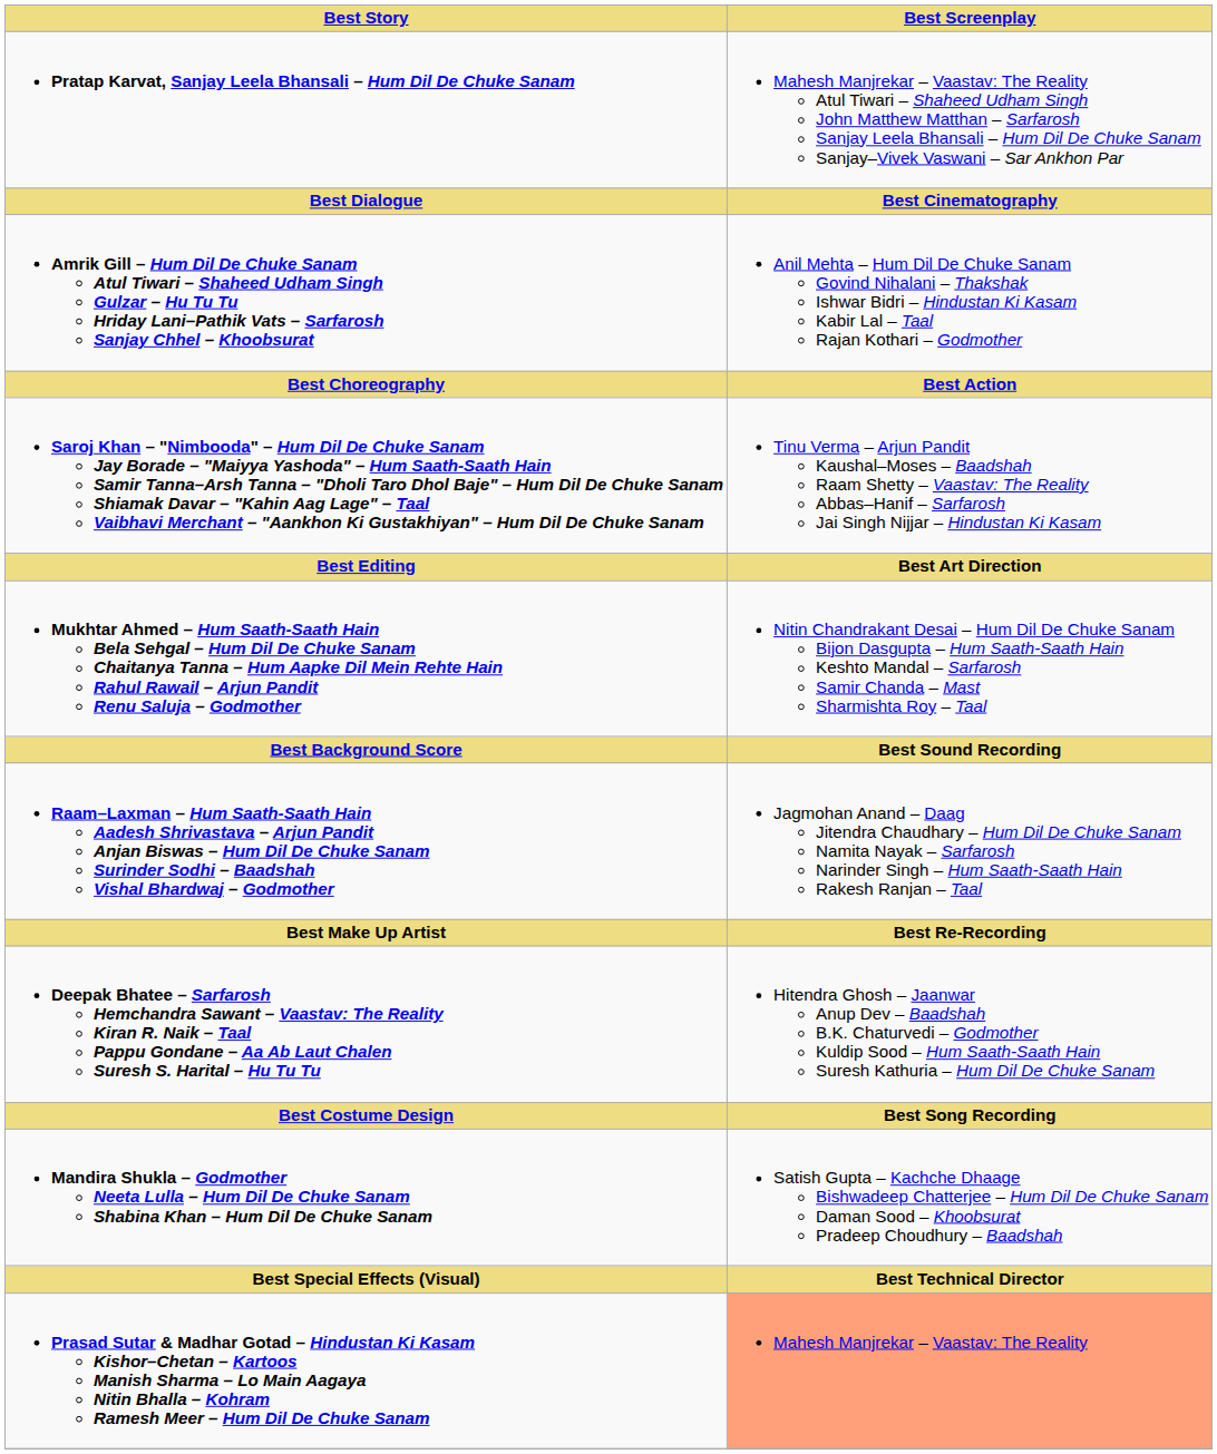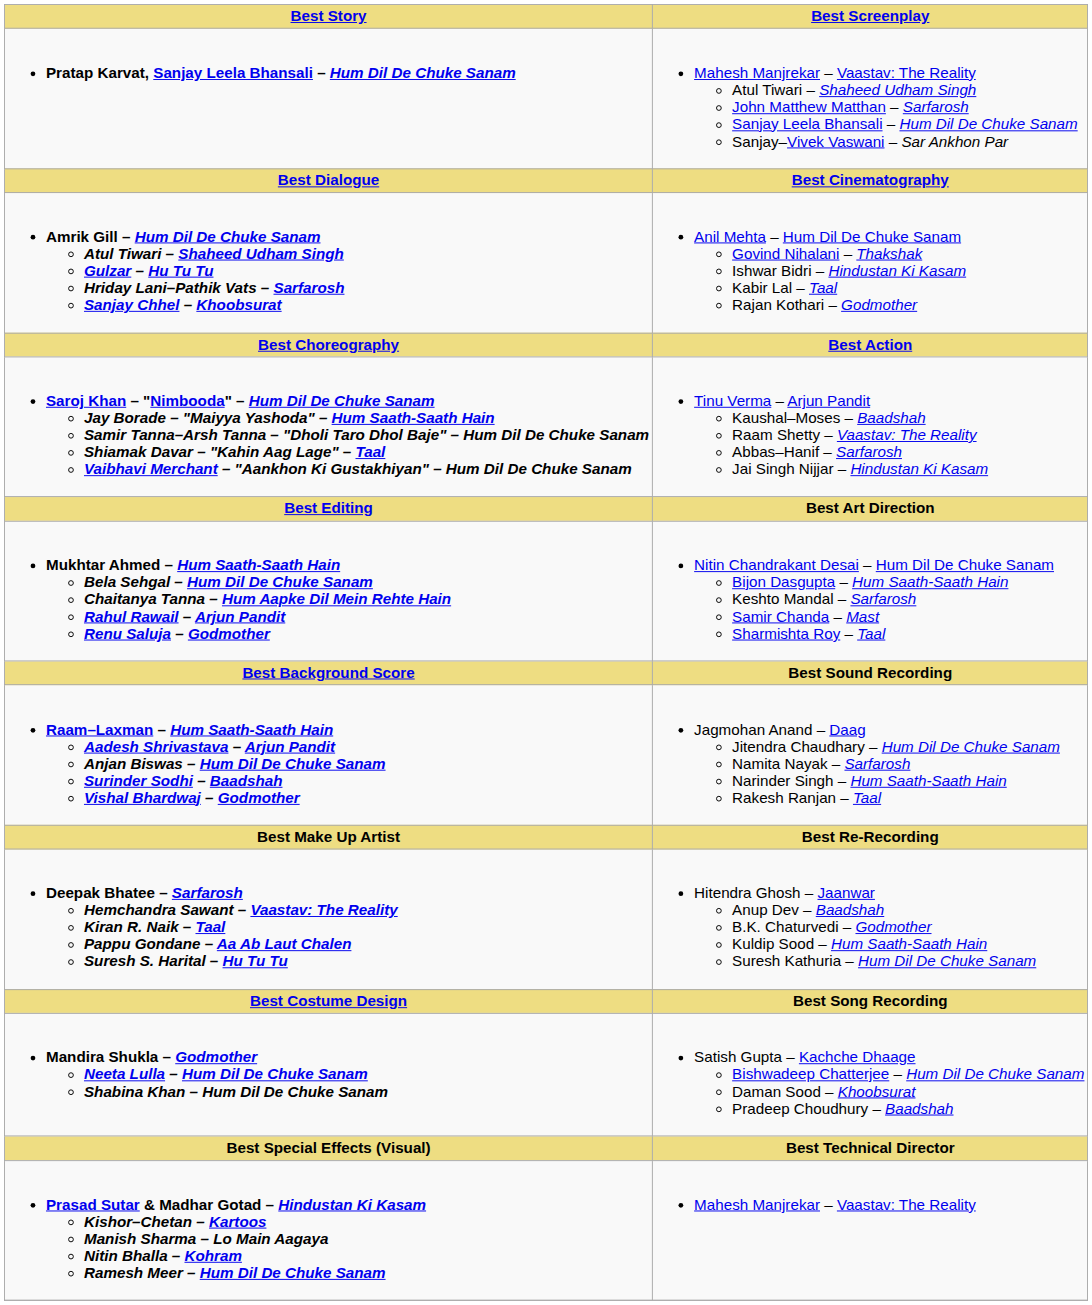 <table class="wikitable">
 <tr>
 <th ! style="background:#eedd82; text-align:center;"><a href='#'>Best Story</a></th>
 <th ! style="background:#eedd82; text-align:center;"><a href='#'>Best Screenplay</a></th>
 </tr>
 <tr>
 <td valign="top"><br><ul><li><strong>Pratap Karvat, <a href='#'>Sanjay Leela Bhansali</a> – <em><a href='#'>Hum Dil De Chuke Sanam</a><strong><em></li></ul></td>
 <td valign="top"><br><ul><li></strong><a href='#'>Mahesh Manjrekar</a> – </em><a href='#'>Vaastav: The Reality</a></em></strong><ul><li>Atul Tiwari – <em><a href='#'>Shaheed Udham Singh</a></em></li><li><a href='#'>John Matthew Matthan</a> – <em><a href='#'>Sarfarosh</a></em></li><li><a href='#'>Sanjay Leela Bhansali</a> – <em><a href='#'>Hum Dil De Chuke Sanam</a></em></li><li>Sanjay–<a href='#'>Vivek Vaswani</a> – <em>Sar Ankhon Par</em></li></ul></li></ul></td>
 </tr>
 <tr>
 <th ! style="background:#eedd82; text-align:center;"><a href='#'>Best Dialogue</a></th>
 <th ! style="background:#eedd82; text-align:center;"><a href='#'>Best Cinematography</a></th>
 </tr>
 <tr>
 <td valign="top"><br><ul><li><strong>Amrik Gill – <em><a href='#'>Hum Dil De Chuke Sanam</a><strong><em><ul><li>Atul Tiwari – </em><a href='#'>Shaheed Udham Singh</a><em></li><li><a href='#'>Gulzar</a> – </em><a href='#'>Hu Tu Tu</a><em></li><li>Hriday Lani–Pathik Vats – </em><a href='#'>Sarfarosh</a><em></li><li><a href='#'>Sanjay Chhel</a> – </em><a href='#'>Khoobsurat</a><em></li></ul></li></ul></td>
 <td valign="top"><br><ul><li></strong><a href='#'>Anil Mehta</a> – </em><a href='#'>Hum Dil De Chuke Sanam</a></em></strong><ul><li><a href='#'>Govind Nihalani</a> – <em><a href='#'>Thakshak</a></em></li><li>Ishwar Bidri – <em><a href='#'>Hindustan Ki Kasam</a></em></li><li>Kabir Lal – <em><a href='#'>Taal</a></em></li><li>Rajan Kothari – <em><a href='#'>Godmother</a></em></li></ul></li></ul></td>
 </tr>
 <tr>
 <th ! style="background:#eedd82; text-align:center;"><a href='#'>Best Choreography</a></th>
 <th ! style="background:#eedd82; text-align:center;"><a href='#'>Best Action</a></th>
 </tr>
 <tr>
 <td valign="top"><br><ul><li><strong><a href='#'>Saroj Khan</a> – "<a href='#'>Nimbooda</a>" – <em><a href='#'>Hum Dil De Chuke Sanam</a><strong><em><ul><li>Jay Borade – "Maiyya Yashoda" – </em><a href='#'>Hum Saath-Saath Hain</a><em></li><li>Samir Tanna–Arsh Tanna – "Dholi Taro Dhol Baje" – </em>Hum Dil De Chuke Sanam<em></li><li>Shiamak Davar – "Kahin Aag Lage" – </em><a href='#'>Taal</a><em></li><li><a href='#'>Vaibhavi Merchant</a> – "Aankhon Ki Gustakhiyan" – </em>Hum Dil De Chuke Sanam<em></li></ul></li></ul></td>
 <td valign="top"><br><ul><li></strong><a href='#'>Tinu Verma</a> – </em><a href='#'>Arjun Pandit</a></em></strong><ul><li>Kaushal–Moses – <em><a href='#'>Baadshah</a></em></li><li>Raam Shetty – <em><a href='#'>Vaastav: The Reality</a></em></li><li>Abbas–Hanif – <em><a href='#'>Sarfarosh</a></em></li><li>Jai Singh Nijjar – <em><a href='#'>Hindustan Ki Kasam</a></em></li></ul></li></ul></td>
 </tr>
 <tr>
 <th ! style="background:#eedd82; text-align:center;"><a href='#'>Best Editing</a></th>
 <th ! style="background:#eedd82; text-align:center;">Best Art Direction</th>
 </tr>
 <tr>
 <td valign="top"><br><ul><li><strong>Mukhtar Ahmed – <em><a href='#'>Hum Saath-Saath Hain</a><strong><em><ul><li>Bela Sehgal – </em><a href='#'>Hum Dil De Chuke Sanam</a><em></li><li>Chaitanya Tanna – </em><a href='#'>Hum Aapke Dil Mein Rehte Hain</a><em></li><li><a href='#'>Rahul Rawail</a> – </em><a href='#'>Arjun Pandit</a><em></li><li><a href='#'>Renu Saluja</a> – </em><a href='#'>Godmother</a><em></li></ul></li></ul></td>
 <td valign="top"><br><ul><li></strong><a href='#'>Nitin Chandrakant Desai</a> – </em><a href='#'>Hum Dil De Chuke Sanam</a></em></strong><ul><li><a href='#'>Bijon Dasgupta</a> – <em><a href='#'>Hum Saath-Saath Hain</a></em></li><li>Keshto Mandal – <em><a href='#'>Sarfarosh</a></em></li><li><a href='#'>Samir Chanda</a> – <em><a href='#'>Mast</a></em></li><li><a href='#'>Sharmishta Roy</a> – <em><a href='#'>Taal</a></em></li></ul></li></ul></td>
 </tr>
 <tr>
 <th ! style="background:#eedd82; text-align:center;"><a href='#'>Best Background Score</a></th>
 <th ! style="background:#eedd82; text-align:center;">Best Sound Recording</th>
 </tr>
 <tr>
 <td valign="top"><br><ul><li><strong><a href='#'>Raam–Laxman</a> – <em><a href='#'>Hum Saath-Saath Hain</a><strong><em><ul><li><a href='#'>Aadesh Shrivastava</a> – </em><a href='#'>Arjun Pandit</a><em></li><li>Anjan Biswas – </em><a href='#'>Hum Dil De Chuke Sanam</a><em></li><li><a href='#'>Surinder Sodhi</a> – </em><a href='#'>Baadshah</a><em></li><li><a href='#'>Vishal Bhardwaj</a> – </em><a href='#'>Godmother</a><em></li></ul></li></ul></td>
 <td valign="top"><br><ul><li></strong>Jagmohan Anand – </em><a href='#'>Daag</a></em></strong><ul><li>Jitendra Chaudhary – <em><a href='#'>Hum Dil De Chuke Sanam</a></em></li><li>Namita Nayak – <em><a href='#'>Sarfarosh</a></em></li><li>Narinder Singh – <em><a href='#'>Hum Saath-Saath Hain</a></em></li><li>Rakesh Ranjan – <em><a href='#'>Taal</a></em></li></ul></li></ul></td>
 </tr>
 <tr>
 <th ! style="background:#eedd82; text-align:center;">Best Make Up Artist</th>
 <th ! style="background:#eedd82; text-align:center;">Best Re-Recording</th>
 </tr>
 <tr>
 <td valign="top"><br><ul><li><strong>Deepak Bhatee – <em><a href='#'>Sarfarosh</a><strong><em><ul><li>Hemchandra Sawant – </em><a href='#'>Vaastav: The Reality</a><em></li><li>Kiran R. Naik – </em><a href='#'>Taal</a><em></li><li>Pappu Gondane – </em><a href='#'>Aa Ab Laut Chalen</a><em></li><li>Suresh S. Harital – </em><a href='#'>Hu Tu Tu</a><em></li></ul></li></ul></td>
 <td valign="top"><br><ul><li></strong>Hitendra Ghosh – </em><a href='#'>Jaanwar</a></em></strong><ul><li>Anup Dev – <em><a href='#'>Baadshah</a></em></li><li>B.K. Chaturvedi – <em><a href='#'>Godmother</a></em></li><li>Kuldip Sood – <em><a href='#'>Hum Saath-Saath Hain</a></em></li><li>Suresh Kathuria – <em><a href='#'>Hum Dil De Chuke Sanam</a></em></li></ul></li></ul></td>
 </tr>
 <tr>
 <th ! style="background:#eedd82; text-align:center;"><a href='#'>Best Costume Design</a></th>
 <th ! style="background:#eedd82; text-align:center;">Best Song Recording</th>
 </tr>
 <tr>
 <td valign="top"><br><ul><li><strong>Mandira Shukla – <em><a href='#'>Godmother</a><strong><em><ul><li><a href='#'>Neeta Lulla</a> – </em><a href='#'>Hum Dil De Chuke Sanam</a><em></li><li>Shabina Khan – </em>Hum Dil De Chuke Sanam<em></li></ul></li></ul></td>
 <td valign="top"><br><ul><li></strong>Satish Gupta – </em><a href='#'>Kachche Dhaage</a></em></strong><ul><li><a href='#'>Bishwadeep Chatterjee</a> – <em><a href='#'>Hum Dil De Chuke Sanam</a></em></li><li>Daman Sood – <em><a href='#'>Khoobsurat</a></em></li><li>Pradeep Choudhury – <em><a href='#'>Baadshah</a></em></li></ul></li></ul></td>
 </tr>
 <tr>
 <th ! style="background:#eedd82; text-align:center;">Best Special Effects (Visual)</th>
 <th ! style="background:#eedd82; text-align:center;">Best Technical Director</th>
 </tr>
 <tr>
 <td valign="top"><br><ul><li><strong><a href='#'>Prasad Sutar</a> & Madhar Gotad – <em><a href='#'>Hindustan Ki Kasam</a><strong><em><ul><li>Kishor–Chetan – </em><a href='#'>Kartoos</a><em></li><li>Manish Sharma – </em>Lo Main Aagaya<em></li><li>Nitin Bhalla – </em><a href='#'>Kohram</a><em></li><li>Ramesh Meer – </em><a href='#'>Hum Dil De Chuke Sanam</a><em></li></ul></li></ul></td>
-<td valign="top" style="background: lightsalmon;"><br><ul><li></strong><a href='#'>Mahesh Manjrekar</a> – </em><a href='#'>Vaastav: The Reality</a></em></strong></li></ul></td>
+<td valign="top"><br><ul><li></strong><a href='#'>Mahesh Manjrekar</a> – </em><a href='#'>Vaastav: The Reality</a></em></strong></li></ul></td>
 </tr>
 <tr>
 </tr>
 </table>
